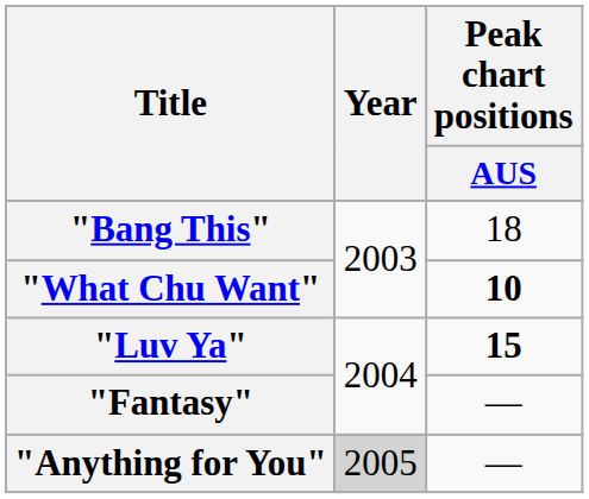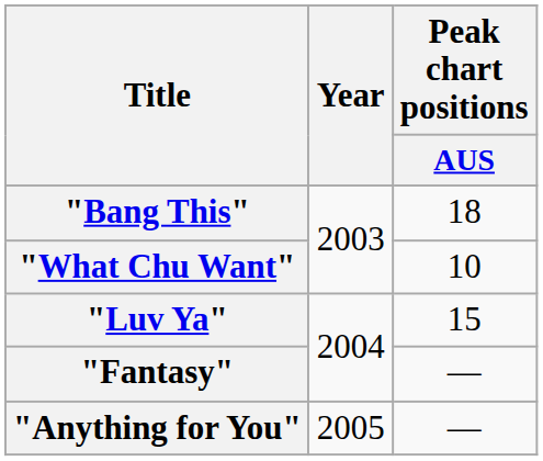 <table class="wikitable plainrowheaders" style="text-align:center;">
 <tr>
 <th scope="col" rowspan="2">Title</th>
 <th scope="col" rowspan="2">Year</th>
 <th scope="col" colspan="1">Peak chart positions</th>
 </tr>
 <tr>
 <th scope="col" style="width:3em;font-size:90%;"><a href='#'>AUS</a><br></th>
 </tr>
 <tr>
 <th scope="row">"<a href='#'>Bang This</a>"<br></th>
 <td rowspan="2">2003</td>
 <td>18</td>
 </tr>
 <tr>
 <th scope="row">"<a href='#'>What Chu Want</a>"<br></th>
-<td><strong>10</strong></td>
+<td>10</td>
 </tr>
 <tr>
 <th scope="row">"<a href='#'>Luv Ya</a>"<br></th>
 <td rowspan="2">2004</td>
-<td><strong>15</strong></td>
+<td>15</td>
 </tr>
 <tr>
 <th scope="row">"Fantasy"</th>
 <td>—</td>
 </tr>
 <tr>
 <th scope="row">"Anything for You"</th>
-<td style="background: lightgrey;">2005</td>
+<td>2005</td>
 <td>—</td>
 </tr>
 </table>
